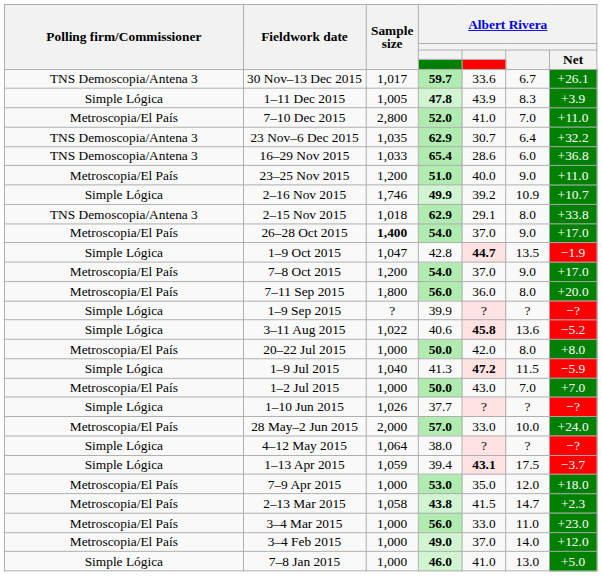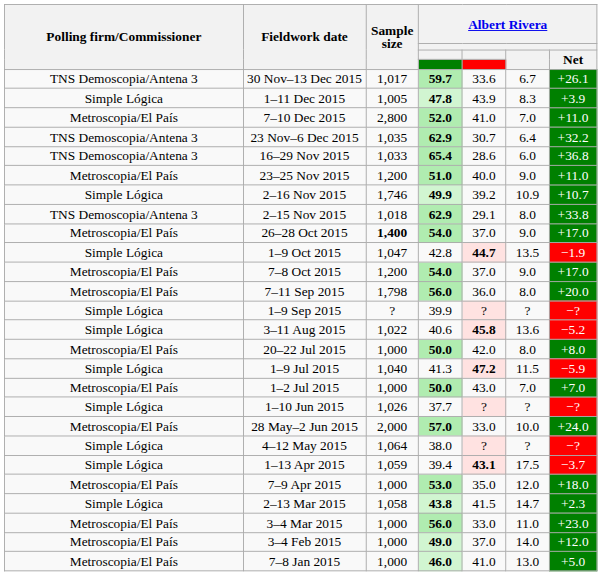 <table class="wikitable collapsible collapsed" style="text-align:center; font-size:90%; line-height:14px;">
 <tr style="height:42px;">
 <th style="width:250px;" rowspan="4">Polling firm/Commissioner</th>
 <th style="width:125px;" rowspan="4">Fieldwork date</th>
 <th style="width:50px;" rowspan="4">Sample size</th>
 <th style="width:185px;" colspan="4"><a href='#'>Albert Rivera</a><br></th>
 </tr>
 <tr>
 <th colspan="4" style="background:"></th>
 </tr>
 <tr>
 <th style="width:30px;"></th>
 <th style="width:30px;"></th>
 <th style="width:30px;" rowspan="2"></th>
 <th style="width:30px;" rowspan="2">Net</th>
 </tr>
 <tr>
 <th style="color:inherit;background:#008000;"></th>
 <th style="color:inherit;background:#FF0000;"></th>
 </tr>
 <tr>
 <td>TNS Demoscopia/Antena 3</td>
 <td>30 Nov–13 Dec 2015</td>
 <td>1,017</td>
 <td style="background:#B0ECB0;"><strong>59.7</strong></td>
 <td>33.6</td>
 <td>6.7</td>
 <td style="background:#008000; color:white;">+26.1</td>
 </tr>
 <tr>
 <td>Simple Lógica</td>
 <td>1–11 Dec 2015</td>
 <td>1,005</td>
 <td style="background:#D1F5D1;"><strong>47.8</strong></td>
 <td>43.9</td>
 <td>8.3</td>
 <td style="background:#008000; color:white;">+3.9</td>
 </tr>
 <tr>
 <td>Metroscopia/El País</td>
 <td>7–10 Dec 2015</td>
 <td>2,800</td>
 <td style="background:#B0ECB0;"><strong>52.0</strong></td>
 <td>41.0</td>
 <td>7.0</td>
 <td style="background:#008000; color:white;">+11.0</td>
 </tr>
 <tr>
 <td>TNS Demoscopia/Antena 3</td>
 <td>23 Nov–6 Dec 2015</td>
 <td>1,035</td>
 <td style="background:#B0ECB0;"><strong>62.9</strong></td>
 <td>30.7</td>
 <td>6.4</td>
 <td style="background:#008000; color:white;">+32.2</td>
 </tr>
 <tr>
 <td>TNS Demoscopia/Antena 3</td>
 <td>16–29 Nov 2015</td>
 <td>1,033</td>
 <td style="background:#B0ECB0;"><strong>65.4</strong></td>
 <td>28.6</td>
 <td>6.0</td>
 <td style="background:#008000; color:white;">+36.8</td>
 </tr>
 <tr>
 <td>Metroscopia/El País</td>
 <td>23–25 Nov 2015</td>
 <td>1,200</td>
 <td style="background:#B0ECB0;"><strong>51.0</strong></td>
 <td>40.0</td>
 <td>9.0</td>
 <td style="background:#008000; color:white;">+11.0</td>
 </tr>
 <tr>
 <td>Simple Lógica</td>
 <td>2–16 Nov 2015</td>
 <td>1,746</td>
 <td style="background:#D1F5D1;"><strong>49.9</strong></td>
 <td>39.2</td>
 <td>10.9</td>
 <td style="background:#008000; color:white;">+10.7</td>
 </tr>
 <tr>
 <td>TNS Demoscopia/Antena 3</td>
 <td>2–15 Nov 2015</td>
 <td>1,018</td>
 <td style="background:#B0ECB0;"><strong>62.9</strong></td>
 <td>29.1</td>
 <td>8.0</td>
 <td style="background:#008000; color:white;">+33.8</td>
 </tr>
 <tr>
 <td>Metroscopia/El País</td>
 <td>26–28 Oct 2015</td>
 <td><strong>1,400</strong></td>
 <td style="background:#B0ECB0;"><strong>54.0</strong></td>
 <td>37.0</td>
 <td>9.0</td>
 <td style="background:#008000; color:white;">+17.0</td>
 </tr>
 <tr>
 <td>Simple Lógica</td>
 <td>1–9 Oct 2015</td>
 <td>1,047</td>
 <td>42.8</td>
 <td style="background:#FFE2E1;"><strong>44.7</strong></td>
 <td>13.5</td>
 <td style="background:#FF0000; color:white;">−1.9</td>
 </tr>
 <tr>
 <td>Metroscopia/El País</td>
 <td>7–8 Oct 2015</td>
 <td>1,200</td>
 <td style="background:#B0ECB0;"><strong>54.0</strong></td>
 <td>37.0</td>
 <td>9.0</td>
 <td style="background:#008000; color:white;">+17.0</td>
 </tr>
 <tr>
 <td>Metroscopia/El País</td>
 <td>7–11 Sep 2015</td>
-<td>1,800</td>
+<td>1,798</td>
 <td style="background:#B0ECB0;"><strong>56.0</strong></td>
 <td>36.0</td>
 <td>8.0</td>
 <td style="background:#008000; color:white;">+20.0</td>
 </tr>
 <tr>
 <td>Simple Lógica</td>
 <td>1–9 Sep 2015</td>
 <td>?</td>
 <td>39.9</td>
 <td style="background:#FFE2E1;">?</td>
 <td>?</td>
 <td style="background:#FF0000; color:white;">−?</td>
 </tr>
 <tr>
 <td>Simple Lógica</td>
 <td>3–11 Aug 2015</td>
 <td>1,022</td>
 <td>40.6</td>
 <td style="background:#FFE2E1;"><strong>45.8</strong></td>
 <td>13.6</td>
 <td style="background:#FF0000; color:white;">−5.2</td>
 </tr>
 <tr>
 <td>Metroscopia/El País</td>
 <td>20–22 Jul 2015</td>
 <td>1,000</td>
 <td style="background:#B0ECB0;"><strong>50.0</strong></td>
 <td>42.0</td>
 <td>8.0</td>
 <td style="background:#008000; color:white;">+8.0</td>
 </tr>
 <tr>
 <td>Simple Lógica</td>
 <td>1–9 Jul 2015</td>
 <td>1,040</td>
 <td>41.3</td>
 <td style="background:#FFE2E1;"><strong>47.2</strong></td>
 <td>11.5</td>
 <td style="background:#FF0000; color:white;">−5.9</td>
 </tr>
 <tr>
 <td>Metroscopia/El País</td>
 <td>1–2 Jul 2015</td>
 <td>1,000</td>
 <td style="background:#B0ECB0;"><strong>50.0</strong></td>
 <td>43.0</td>
 <td>7.0</td>
 <td style="background:#008000; color:white;">+7.0</td>
 </tr>
 <tr>
 <td>Simple Lógica</td>
 <td>1–10 Jun 2015</td>
 <td>1,026</td>
 <td>37.7</td>
 <td style="background:#FFE2E1;">?</td>
 <td>?</td>
 <td style="background:#FF0000; color:white;">−?</td>
 </tr>
 <tr>
 <td>Metroscopia/El País</td>
 <td>28 May–2 Jun 2015</td>
 <td>2,000</td>
 <td style="background:#B0ECB0;"><strong>57.0</strong></td>
 <td>33.0</td>
 <td>10.0</td>
 <td style="background:#008000; color:white;">+24.0</td>
 </tr>
 <tr>
 <td>Simple Lógica</td>
 <td>4–12 May 2015</td>
 <td>1,064</td>
 <td>38.0</td>
 <td style="background:#FFE2E1;">?</td>
 <td>?</td>
 <td style="background:#FF0000; color:white;">−?</td>
 </tr>
 <tr>
 <td>Simple Lógica</td>
 <td>1–13 Apr 2015</td>
 <td>1,059</td>
 <td>39.4</td>
 <td style="background:#FFE2E1;"><strong>43.1</strong></td>
 <td>17.5</td>
 <td style="background:#FF0000; color:white;">−3.7</td>
 </tr>
 <tr>
 <td>Metroscopia/El País</td>
 <td>7–9 Apr 2015</td>
 <td>1,000</td>
 <td style="background:#B0ECB0;"><strong>53.0</strong></td>
 <td>35.0</td>
 <td>12.0</td>
 <td style="background:#008000; color:white;">+18.0</td>
 </tr>
 <tr>
-<td>Metroscopia/El País</td>
+<td>Simple Lógica</td>
 <td>2–13 Mar 2015</td>
 <td>1,058</td>
 <td style="background:#D1F5D1;"><strong>43.8</strong></td>
 <td>41.5</td>
 <td>14.7</td>
 <td style="background:#008000; color:white;">+2.3</td>
 </tr>
 <tr>
 <td>Metroscopia/El País</td>
 <td>3–4 Mar 2015</td>
 <td>1,000</td>
 <td style="background:#B0ECB0;"><strong>56.0</strong></td>
 <td>33.0</td>
 <td>11.0</td>
 <td style="background:#008000; color:white;">+23.0</td>
 </tr>
 <tr>
 <td>Metroscopia/El País</td>
 <td>3–4 Feb 2015</td>
 <td>1,000</td>
 <td style="background:#D1F5D1;"><strong>49.0</strong></td>
 <td>37.0</td>
 <td>14.0</td>
 <td style="background:#008000; color:white;">+12.0</td>
 </tr>
 <tr>
-<td>Simple Lógica</td>
+<td>Metroscopia/El País</td>
 <td>7–8 Jan 2015</td>
 <td>1,000</td>
 <td style="background:#D1F5D1;"><strong>46.0</strong></td>
 <td>41.0</td>
 <td>13.0</td>
 <td style="background:#008000; color:white;">+5.0</td>
 </tr>
 </table>
